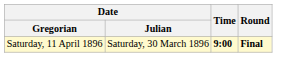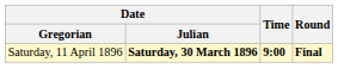 <table class="wikitable">
 <tr>
 <th colspan=2>Date</th>
 <th rowspan=2>Time</th>
 <th rowspan=2>Round</th>
 </tr>
 <tr>
 <th>Gregorian</th>
 <th>Julian</th>
 </tr>
 <tr style=background:lemonchiffon>
 <td>Saturday, 11 April 1896</td>
-<td>Saturday, 30 March 1896</td>
+<td><strong>Saturday, 30 March 1896</strong></td>
 <td><strong>9:00</strong></td>
 <td><strong>Final</strong></td>
 </tr>
 </table>
